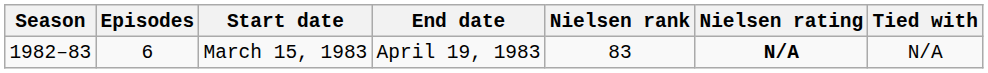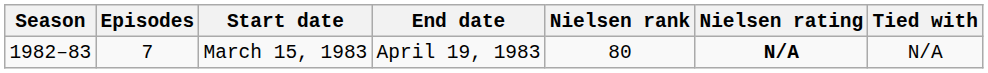 <table class="wikitable" style="text-align: center">
 <tr>
 <th>Season</th>
 <th>Episodes</th>
 <th>Start date</th>
 <th>End date</th>
 <th>Nielsen rank</th>
 <th>Nielsen rating</th>
 <th>Tied with</th>
 </tr>
 <tr>
 <td style="text-align:center">1982–83</td>
-<td style="text-align:center">6</td>
+<td style="text-align:center">7</td>
 <td style="text-align:center">March 15, 1983</td>
 <td style="text-align:center">April 19, 1983</td>
-<td style="text-align:center:">83</td>
+<td style="text-align:center:">80</td>
 <td style="text-align:center"><strong>N/A</strong></td>
 <td style="text-align:center">N/A</td>
 </tr>
 </table>
